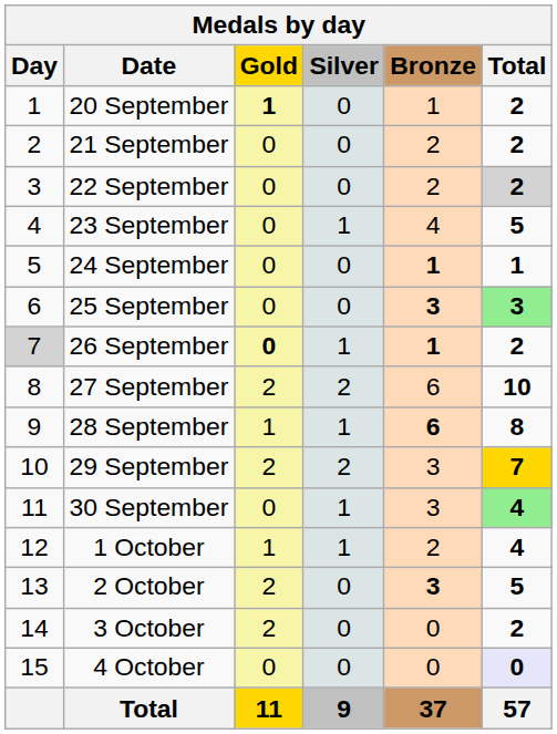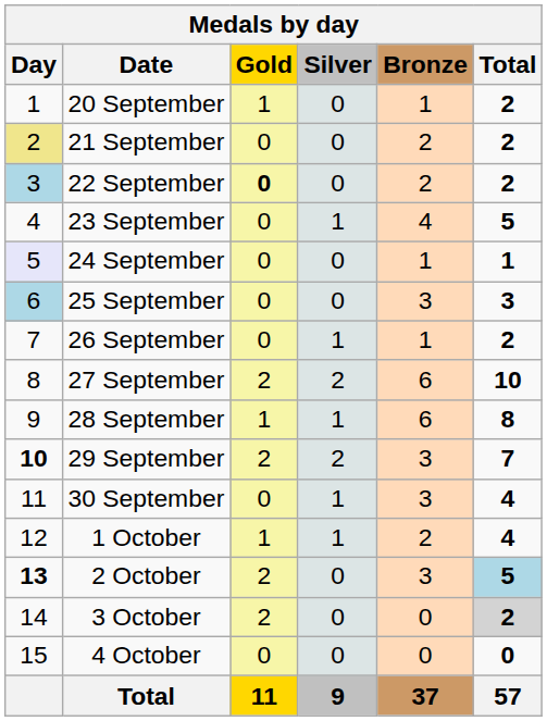 <table class="wikitable sortable" style="font-size:100%; text-align:center;">
 <tr style="background:#efefef;">
 <th colspan=6>Medals by day</th>
 </tr>
 <tr>
 <th><strong>Day</strong></th>
 <th><strong>Date</strong></th>
 <th style="background-color:gold;"><strong>Gold </strong></th>
 <th style="background-color:silver;"><strong>Silver </strong></th>
 <th style="background-color:#c96;"><strong>Bronze </strong></th>
 <th><strong>Total</strong></th>
 </tr>
 <tr>
 <td>1</td>
 <td>20 September</td>
-<td style="background:#F7F6A8"><strong>1</strong></td>
+<td style="background:#F7F6A8">1</td>
 <td style="background:#DCE5E5">0</td>
 <td style="background:#FFDAB9">1</td>
 <td><strong>2</strong></td>
 </tr>
 <tr>
-<td>2</td>
+<td style="background: khaki;">2</td>
 <td>21 September</td>
 <td style="background:#F7F6A8">0</td>
 <td style="background:#DCE5E5">0</td>
 <td style="background:#FFDAB9">2</td>
 <td><strong>2</strong></td>
 </tr>
 <tr>
-<td>3</td>
+<td style="background: lightblue;">3</td>
 <td>22 September</td>
-<td style="background:#F7F6A8">0</td>
+<td style="background:#F7F6A8"><strong>0</strong></td>
 <td style="background:#DCE5E5">0</td>
 <td style="background:#FFDAB9">2</td>
-<td style="background: lightgrey;"><strong>2</strong></td>
+<td><strong>2</strong></td>
 </tr>
 <tr>
 <td>4</td>
 <td>23 September</td>
 <td style="background:#F7F6A8">0</td>
 <td style="background:#DCE5E5">1</td>
 <td style="background:#FFDAB9">4</td>
 <td><strong>5</strong></td>
 </tr>
 <tr>
-<td>5</td>
+<td style="background: lavender;">5</td>
 <td>24 September</td>
 <td style="background:#F7F6A8">0</td>
 <td style="background:#DCE5E5">0</td>
-<td style="background:#FFDAB9"><strong>1</strong></td>
+<td style="background:#FFDAB9">1</td>
 <td><strong>1</strong></td>
 </tr>
 <tr>
-<td>6</td>
+<td style="background: lightblue;">6</td>
 <td>25 September</td>
 <td style="background:#F7F6A8">0</td>
 <td style="background:#DCE5E5">0</td>
-<td style="background:#FFDAB9"><strong>3</strong></td>
-<td style="background: lightgreen;"><strong>3</strong></td>
+<td style="background:#FFDAB9">3</td>
+<td><strong>3</strong></td>
 </tr>
 <tr>
-<td style="background: lightgrey;">7</td>
+<td>7</td>
 <td>26 September</td>
-<td style="background:#F7F6A8"><strong>0</strong></td>
+<td style="background:#F7F6A8">0</td>
 <td style="background:#DCE5E5">1</td>
-<td style="background:#FFDAB9"><strong>1</strong></td>
+<td style="background:#FFDAB9">1</td>
 <td><strong>2</strong></td>
 </tr>
 <tr>
 <td>8</td>
 <td>27 September</td>
 <td style="background:#F7F6A8">2</td>
 <td style="background:#DCE5E5">2</td>
 <td style="background:#FFDAB9">6</td>
 <td><strong>10</strong></td>
 </tr>
 <tr>
 <td>9</td>
 <td>28 September</td>
 <td style="background:#F7F6A8">1</td>
 <td style="background:#DCE5E5">1</td>
-<td style="background:#FFDAB9"><strong>6</strong></td>
+<td style="background:#FFDAB9">6</td>
 <td><strong>8</strong></td>
 </tr>
 <tr>
-<td>10</td>
+<td><strong>10</strong></td>
 <td>29 September</td>
 <td style="background:#F7F6A8">2</td>
 <td style="background:#DCE5E5">2</td>
 <td style="background:#FFDAB9">3</td>
-<td style="background: gold;"><strong>7</strong></td>
+<td><strong>7</strong></td>
 </tr>
 <tr>
 <td>11</td>
 <td>30 September</td>
 <td style="background:#F7F6A8">0</td>
 <td style="background:#DCE5E5">1</td>
 <td style="background:#FFDAB9">3</td>
-<td style="background: lightgreen;"><strong>4</strong></td>
+<td><strong>4</strong></td>
 </tr>
 <tr>
 <td>12</td>
 <td>1 October</td>
 <td style="background:#F7F6A8">1</td>
 <td style="background:#DCE5E5">1</td>
 <td style="background:#FFDAB9">2</td>
 <td><strong>4</strong></td>
 </tr>
 <tr>
-<td>13</td>
+<td><strong>13</strong></td>
 <td>2 October</td>
 <td style="background:#F7F6A8">2</td>
 <td style="background:#DCE5E5">0</td>
-<td style="background:#FFDAB9"><strong>3</strong></td>
-<td><strong>5</strong></td>
+<td style="background:#FFDAB9">3</td>
+<td style="background: lightblue;"><strong>5</strong></td>
 </tr>
 <tr>
 <td>14</td>
 <td>3 October</td>
 <td style="background:#F7F6A8">2</td>
 <td style="background:#DCE5E5">0</td>
 <td style="background:#FFDAB9">0</td>
-<td><strong>2</strong></td>
+<td style="background: lightgrey;"><strong>2</strong></td>
 </tr>
 <tr>
 <td>15</td>
 <td>4 October</td>
 <td style="background:#F7F6A8">0</td>
 <td style="background:#DCE5E5">0</td>
 <td style="background:#FFDAB9">0</td>
-<td style="background: lavender;"><strong>0</strong></td>
+<td><strong>0</strong></td>
 </tr>
 <tr>
 <th></th>
 <th>Total</th>
 <th style="background:gold;">11</th>
 <th style="background:silver;">9</th>
 <th style="background:#c96;">37</th>
 <th>57</th>
 </tr>
 </table>
